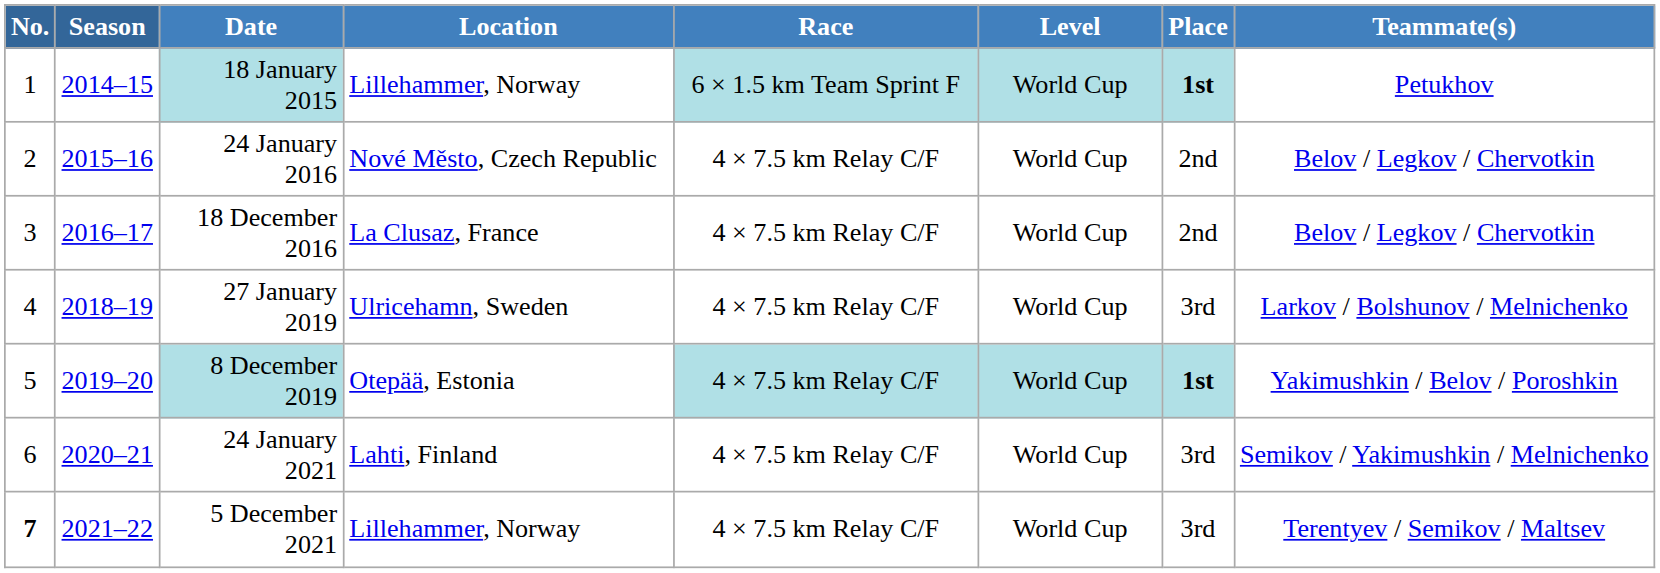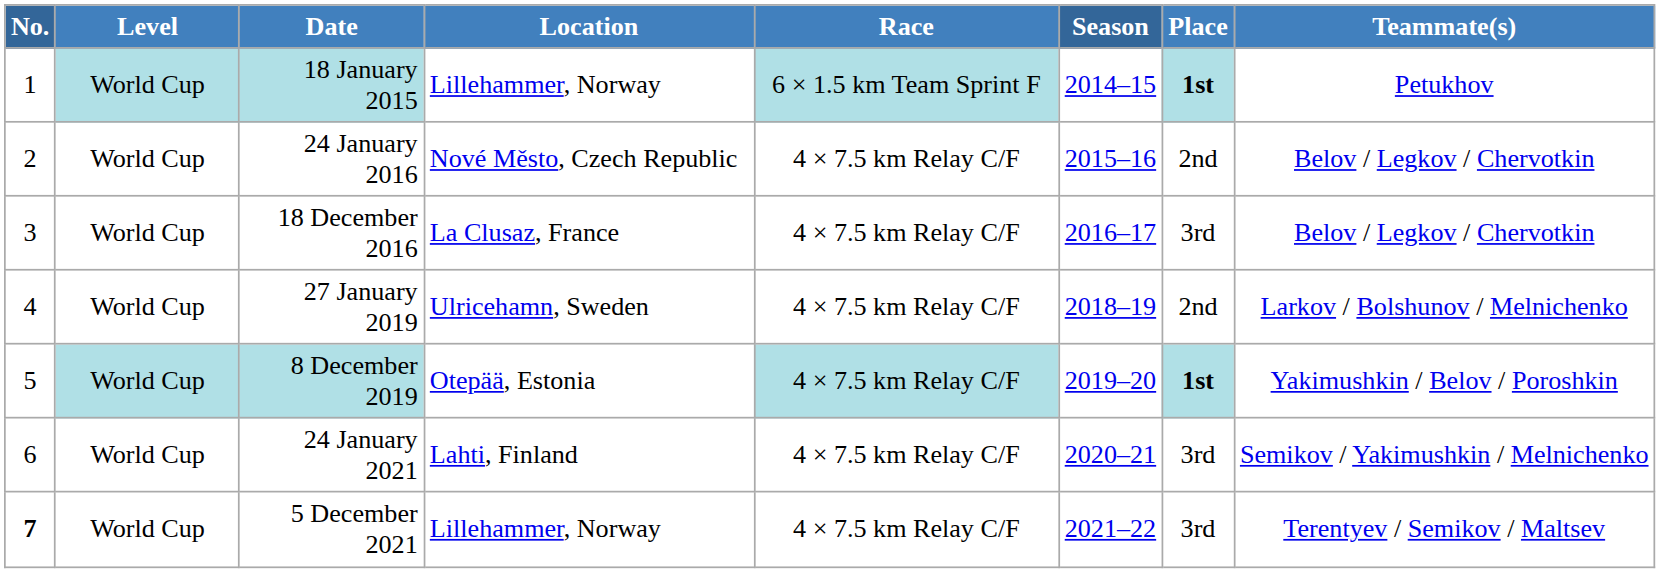 <table class="wikitable sortable" style="font-size:95%; text-align:center; border:grey solid 1px; border-collapse:collapse; background:#ffffff;">
 <tr style="background:#efefef;">
 <th style="background-color:#369; color:white;">No.</th>
-<th style="background-color:#369; color:white;">Season</th>
+<th style="background-color:#4180be; color:white; width:100px;">Level</th>
 <th style="background-color:#4180be; color:white; width:100px;">Date</th>
 <th style="background-color:#4180be; color:white; width:185px;">Location</th>
 <th style="background-color:#4180be; color:white; width:170px;">Race</th>
-<th style="background-color:#4180be; color:white; width:100px;">Level</th>
+<th style="background-color:#369; color:white;">Season</th>
 <th style="background-color:#4180be; color:white;">Place</th>
 <th style="background-color:#4180be; color:white;">Teammate(s)</th>
 </tr>
 <tr>
 <td align=center>1</td>
-<td rowspan=1 align=center><a href='#'>2014–15</a></td>
+<td bgcolor="#BOEOE6">World Cup</td>
 <td bgcolor="#BOEOE6" align=right>18 January 2015</td>
 <td align=left> <a href='#'>Lillehammer</a>, Norway</td>
 <td bgcolor="#BOEOE6">6 × 1.5 km Team Sprint F</td>
-<td bgcolor="#BOEOE6">World Cup</td>
+<td rowspan=1 align=center><a href='#'>2014–15</a></td>
 <td bgcolor="#BOEOE6"><strong>1st</strong></td>
 <td><a href='#'>Petukhov</a></td>
 </tr>
 <tr>
 <td align=center>2</td>
-<td rowspan=1 align=center><a href='#'>2015–16</a></td>
+<td>World Cup</td>
 <td align=right>24 January 2016</td>
 <td align=left> <a href='#'>Nové Město</a>, Czech Republic</td>
 <td>4 × 7.5 km Relay C/F</td>
-<td>World Cup</td>
+<td rowspan=1 align=center><a href='#'>2015–16</a></td>
 <td>2nd</td>
 <td><a href='#'>Belov</a> / <a href='#'>Legkov</a> / <a href='#'>Chervotkin</a></td>
 </tr>
 <tr>
 <td align=center>3</td>
-<td rowspan=1 align=center><a href='#'>2016–17</a></td>
+<td>World Cup</td>
 <td align=right>18 December 2016</td>
 <td align=left> <a href='#'>La Clusaz</a>, France</td>
 <td>4 × 7.5 km Relay C/F</td>
-<td>World Cup</td>
-<td>2nd</td>
+<td rowspan=1 align=center><a href='#'>2016–17</a></td>
+<td>3rd</td>
 <td><a href='#'>Belov</a> / <a href='#'>Legkov</a> / <a href='#'>Chervotkin</a></td>
 </tr>
 <tr>
 <td align=center>4</td>
-<td rowspan=1 align=center><a href='#'>2018–19</a></td>
+<td>World Cup</td>
 <td align=right>27 January 2019</td>
 <td align=left> <a href='#'>Ulricehamn</a>, Sweden</td>
 <td>4 × 7.5 km Relay C/F</td>
-<td>World Cup</td>
-<td>3rd</td>
+<td rowspan=1 align=center><a href='#'>2018–19</a></td>
+<td>2nd</td>
 <td><a href='#'>Larkov</a> / <a href='#'>Bolshunov</a> / <a href='#'>Melnichenko</a></td>
 </tr>
 <tr>
 <td align=center>5</td>
-<td rowspan=1 align=center><a href='#'>2019–20</a></td>
+<td bgcolor="#BOEOE6">World Cup</td>
 <td bgcolor="#BOEOE6" align=right>8 December 2019</td>
 <td align=left> <a href='#'>Otepää</a>, Estonia</td>
 <td bgcolor="#BOEOE6">4 × 7.5 km Relay C/F</td>
-<td bgcolor="#BOEOE6">World Cup</td>
+<td rowspan=1 align=center><a href='#'>2019–20</a></td>
 <td bgcolor="#BOEOE6"><strong>1st</strong></td>
 <td><a href='#'>Yakimushkin</a> / <a href='#'>Belov</a> / <a href='#'>Poroshkin</a></td>
 </tr>
 <tr>
 <td align=center>6</td>
-<td rowspan=1 align=center><a href='#'>2020–21</a></td>
+<td>World Cup</td>
 <td align=right>24 January 2021</td>
 <td align=left> <a href='#'>Lahti</a>, Finland</td>
 <td>4 × 7.5 km Relay C/F</td>
-<td>World Cup</td>
+<td rowspan=1 align=center><a href='#'>2020–21</a></td>
 <td>3rd</td>
 <td><a href='#'>Semikov</a> / <a href='#'>Yakimushkin</a> / <a href='#'>Melnichenko</a></td>
 </tr>
 <tr>
 <td align=center><strong>7</strong></td>
-<td align=center><a href='#'>2021–22</a></td>
+<td>World Cup</td>
 <td align=right>5 December 2021</td>
 <td align=left> <a href='#'>Lillehammer</a>, Norway</td>
 <td>4 × 7.5 km Relay C/F</td>
-<td>World Cup</td>
+<td align=center><a href='#'>2021–22</a></td>
 <td>3rd</td>
 <td><a href='#'>Terentyev</a> / <a href='#'>Semikov</a> / <a href='#'>Maltsev</a></td>
 </tr>
 </table>
